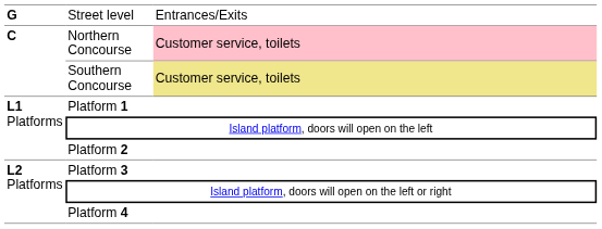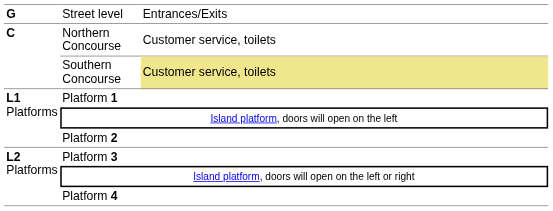 <table border=0 cellspacing=0 cellpadding=3>
 <tr>
 <td style="border-bottom:solid 1px gray;border-top:solid 1px gray;width:50px;vertical-align:top"><strong>G</strong></td>
 <td style="border-top:solid 1px gray;border-bottom:solid 1px gray;width:100px;vertical-align:top">Street level</td>
 <td style="border-top:solid 1px gray;border-bottom:solid 1px gray;width:530px;vertical-align:top">Entrances/Exits</td>
 </tr>
 <tr>
 <td rowspan="2" style="border-bottom:solid 1px gray;vertical-align:top;"><strong>C</strong></td>
 <td style="border-bottom:solid 1px gray;vertical-align:top;">Northern Concourse</td>
-<td style="background: pink; border-bottom:solid 1px gray;">Customer service, toilets</td>
+<td style="border-bottom:solid 1px gray;">Customer service, toilets</td>
 </tr>
 <tr>
 <td style="border-bottom:solid 1px gray;vertical-align:top;">Southern Concourse</td>
 <td style="background: khaki; border-bottom:solid 1px gray;">Customer service, toilets</td>
 </tr>
 <tr>
 <td style="border-bottom:solid 1px gray;vertical-align:top;"rowspan=3><strong>L1</strong><br>Platforms</td>
 <td>Platform <span><strong>1</strong></span></td>
 <td></td>
 </tr>
 <tr>
 <td style="border-top:solid 2px black;border-right:solid 2px black;border-left:solid 2px black;border-bottom:solid 2px black;text-align:center;" colspan=2><small><a href='#'>Island platform</a>, doors will open on the left</small></td>
 </tr>
 <tr>
 <td style="border-bottom:solid 1px gray;">Platform <span><strong>2</strong></span></td>
 <td style="border-bottom:solid 1px gray;"></td>
 </tr>
 <tr>
 <td style="border-bottom:solid 1px gray;vertical-align:top;"rowspan=3><strong>L2</strong><br>Platforms</td>
 <td>Platform <span><strong>3</strong></span></td>
 <td></td>
 </tr>
 <tr>
 <td style="border-top:solid 2px black;border-right:solid 2px black;border-left:solid 2px black;border-bottom:solid 2px black;text-align:center;" colspan=2><small><a href='#'>Island platform</a>, doors will open on the left or right </small></td>
 </tr>
 <tr>
 <td style="border-bottom:solid 1px gray;">Platform <span><strong>4</strong></span></td>
 <td style="border-bottom:solid 1px gray;"></td>
 <td></td>
 </tr>
 <tr>
 </tr>
 </table>
